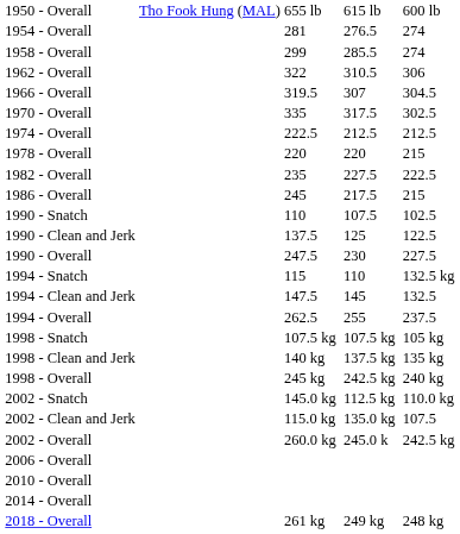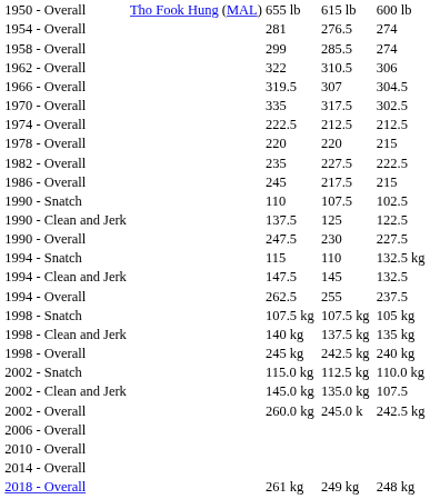 <table>
 <tr>
 <td>1950 - Overall</td>
 <td> <a href='#'>Tho Fook Hung</a> <span>(<a href='#'>MAL</a>)</span></td>
 <td>655 lb</td>
 <td></td>
 <td>615 lb</td>
 <td></td>
 <td>600 lb</td>
 </tr>
 <tr>
 <td>1954 - Overall</td>
 <td></td>
 <td>281</td>
 <td></td>
 <td>276.5</td>
 <td></td>
 <td>274</td>
 </tr>
 <tr>
 <td>1958 - Overall</td>
 <td></td>
 <td>299</td>
 <td></td>
 <td>285.5</td>
 <td></td>
 <td>274</td>
 </tr>
 <tr>
 <td>1962 - Overall</td>
 <td></td>
 <td>322</td>
 <td></td>
 <td>310.5</td>
 <td></td>
 <td>306</td>
 </tr>
 <tr>
 <td>1966 - Overall</td>
 <td></td>
 <td>319.5</td>
 <td></td>
 <td>307</td>
 <td></td>
 <td>304.5</td>
 </tr>
 <tr>
 <td>1970 - Overall</td>
 <td></td>
 <td>335</td>
 <td></td>
 <td>317.5</td>
 <td></td>
 <td>302.5</td>
 </tr>
 <tr>
 <td>1974 - Overall</td>
 <td></td>
 <td>222.5</td>
 <td></td>
 <td>212.5</td>
 <td></td>
 <td>212.5</td>
 </tr>
 <tr>
 <td>1978 - Overall</td>
 <td></td>
 <td>220</td>
 <td></td>
 <td>220</td>
 <td></td>
 <td>215</td>
 </tr>
 <tr>
 <td>1982 - Overall</td>
 <td></td>
 <td>235</td>
 <td></td>
 <td>227.5</td>
 <td></td>
 <td>222.5</td>
 </tr>
 <tr>
 <td>1986 - Overall</td>
 <td></td>
 <td>245</td>
 <td></td>
 <td>217.5</td>
 <td></td>
 <td>215</td>
 </tr>
 <tr>
 <td>1990 - Snatch</td>
 <td></td>
 <td>110</td>
 <td></td>
 <td>107.5</td>
 <td></td>
 <td>102.5</td>
 </tr>
 <tr>
 <td>1990 - Clean and Jerk</td>
 <td></td>
 <td>137.5</td>
 <td></td>
 <td>125</td>
 <td></td>
 <td>122.5</td>
 </tr>
 <tr>
 <td>1990 - Overall</td>
 <td></td>
 <td>247.5</td>
 <td></td>
 <td>230</td>
 <td></td>
 <td>227.5</td>
 </tr>
 <tr>
 <td>1994 - Snatch</td>
 <td></td>
 <td>115</td>
 <td></td>
 <td>110</td>
 <td></td>
 <td>132.5 kg</td>
 </tr>
 <tr>
 <td>1994 - Clean and Jerk</td>
 <td></td>
 <td>147.5</td>
 <td></td>
 <td>145</td>
 <td></td>
 <td>132.5</td>
 </tr>
 <tr>
 <td>1994 - Overall</td>
 <td></td>
 <td>262.5</td>
 <td></td>
 <td>255</td>
 <td></td>
 <td>237.5</td>
 </tr>
 <tr>
 <td>1998 - Snatch</td>
 <td></td>
 <td>107.5 kg</td>
 <td></td>
 <td>107.5 kg</td>
 <td></td>
 <td>105 kg</td>
 </tr>
 <tr>
 <td>1998 - Clean and Jerk</td>
 <td></td>
 <td>140 kg</td>
 <td></td>
 <td>137.5 kg</td>
 <td></td>
 <td>135 kg</td>
 </tr>
 <tr>
 <td>1998 - Overall</td>
 <td></td>
 <td>245 kg</td>
 <td></td>
 <td>242.5 kg</td>
 <td></td>
 <td>240 kg</td>
 </tr>
 <tr>
 <td>2002 - Snatch</td>
 <td></td>
-<td>145.0 kg</td>
+<td>115.0 kg</td>
 <td></td>
 <td>112.5 kg</td>
 <td></td>
 <td>110.0 kg</td>
 </tr>
 <tr>
 <td>2002 - Clean and Jerk</td>
 <td></td>
-<td>115.0 kg</td>
+<td>145.0 kg</td>
 <td></td>
 <td>135.0 kg</td>
 <td></td>
 <td>107.5</td>
 </tr>
 <tr>
 <td>2002 - Overall</td>
 <td></td>
 <td>260.0 kg</td>
 <td></td>
 <td>245.0 k</td>
 <td></td>
 <td>242.5 kg</td>
 </tr>
 <tr>
 <td>2006 - Overall</td>
 <td></td>
 <td></td>
 <td></td>
 <td></td>
 <td></td>
 <td></td>
 </tr>
 <tr>
 <td>2010 - Overall</td>
 <td></td>
 <td></td>
 <td></td>
 <td></td>
 <td></td>
 <td></td>
 </tr>
 <tr>
 <td>2014 - Overall</td>
 <td></td>
 <td></td>
 <td></td>
 <td></td>
 <td></td>
 <td></td>
 </tr>
 <tr>
 <td><a href='#'>2018 - Overall</a></td>
 <td></td>
 <td>261 kg</td>
 <td></td>
 <td>249 kg</td>
 <td></td>
 <td>248 kg</td>
 </tr>
 </table>
